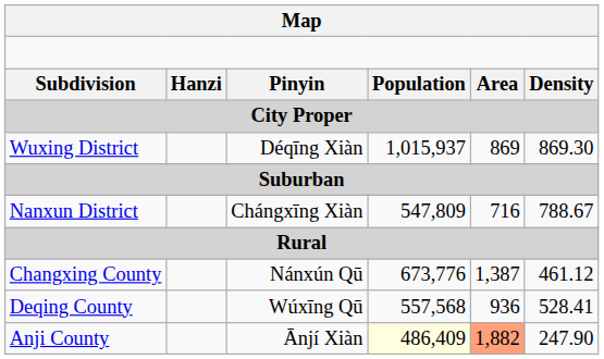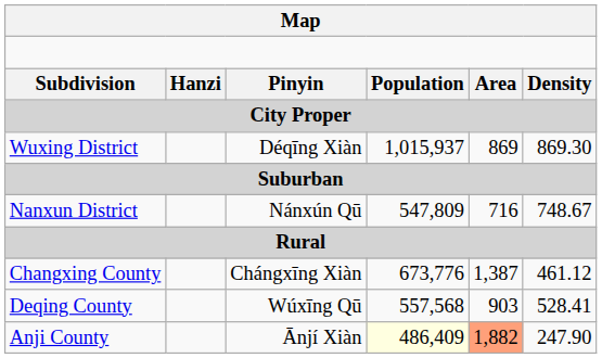 <table class="wikitable" style="font-size:100%;">
 <tr>
 <th colspan="6">Map</th>
 </tr>
 <tr>
 <td colspan="6"><div><br>        </div></td>
 </tr>
 <tr>
 <th align=left>Subdivision</th>
 <th align=left>Hanzi</th>
 <th align=left>Pinyin</th>
 <th align=left>Population </th>
 <th align=left>Area </th>
 <th align=left>Density</th>
 </tr>
 <tr style="background:#d3d3d3;">
 <td colspan="7" style="text-align:center; "><strong>City Proper</strong></td>
 </tr>
 <tr>
 <td align=left><a href='#'>Wuxing District</a></td>
 <td align=left></td>
 <td align=right>Déqīng Xiàn</td>
 <td align=right>1,015,937</td>
 <td align=right>869</td>
 <td align=right>869.30</td>
 </tr>
 <tr style="background:#d3d3d3;">
 <td colspan="7" style="text-align:center; "><strong>Suburban</strong></td>
 </tr>
 <tr>
 <td align=left><a href='#'>Nanxun District</a></td>
 <td align=left></td>
-<td align=right>Chángxīng Xiàn</td>
+<td align=right>Nánxún Qū</td>
 <td align=right>547,809</td>
 <td align=right>716</td>
-<td align=right>788.67</td>
+<td align=right>748.67</td>
 </tr>
 <tr style="background:#d3d3d3;">
 <td colspan="7" style="text-align:center; "><strong>Rural</strong></td>
 </tr>
 <tr>
 <td align=left><a href='#'>Changxing County</a></td>
 <td align=left></td>
-<td align=right>Nánxún Qū</td>
+<td align=right>Chángxīng Xiàn</td>
 <td align=right>673,776</td>
 <td align=right>1,387</td>
 <td align=right>461.12</td>
 </tr>
 <tr>
 <td align=left><a href='#'>Deqing County</a></td>
 <td align=left></td>
 <td align=right>Wúxīng Qū</td>
 <td align=right>557,568</td>
-<td align=right>936</td>
+<td align=right>903</td>
 <td align=right>528.41</td>
 </tr>
 <tr>
 <td align=left><a href='#'>Anji County</a></td>
 <td align=left></td>
 <td align=right>Ānjí Xiàn</td>
 <td align=right style="background: lightyellow;">486,409</td>
 <td align=right style="background: lightsalmon;">1,882</td>
 <td align=right>247.90</td>
 </tr>
 </table>
